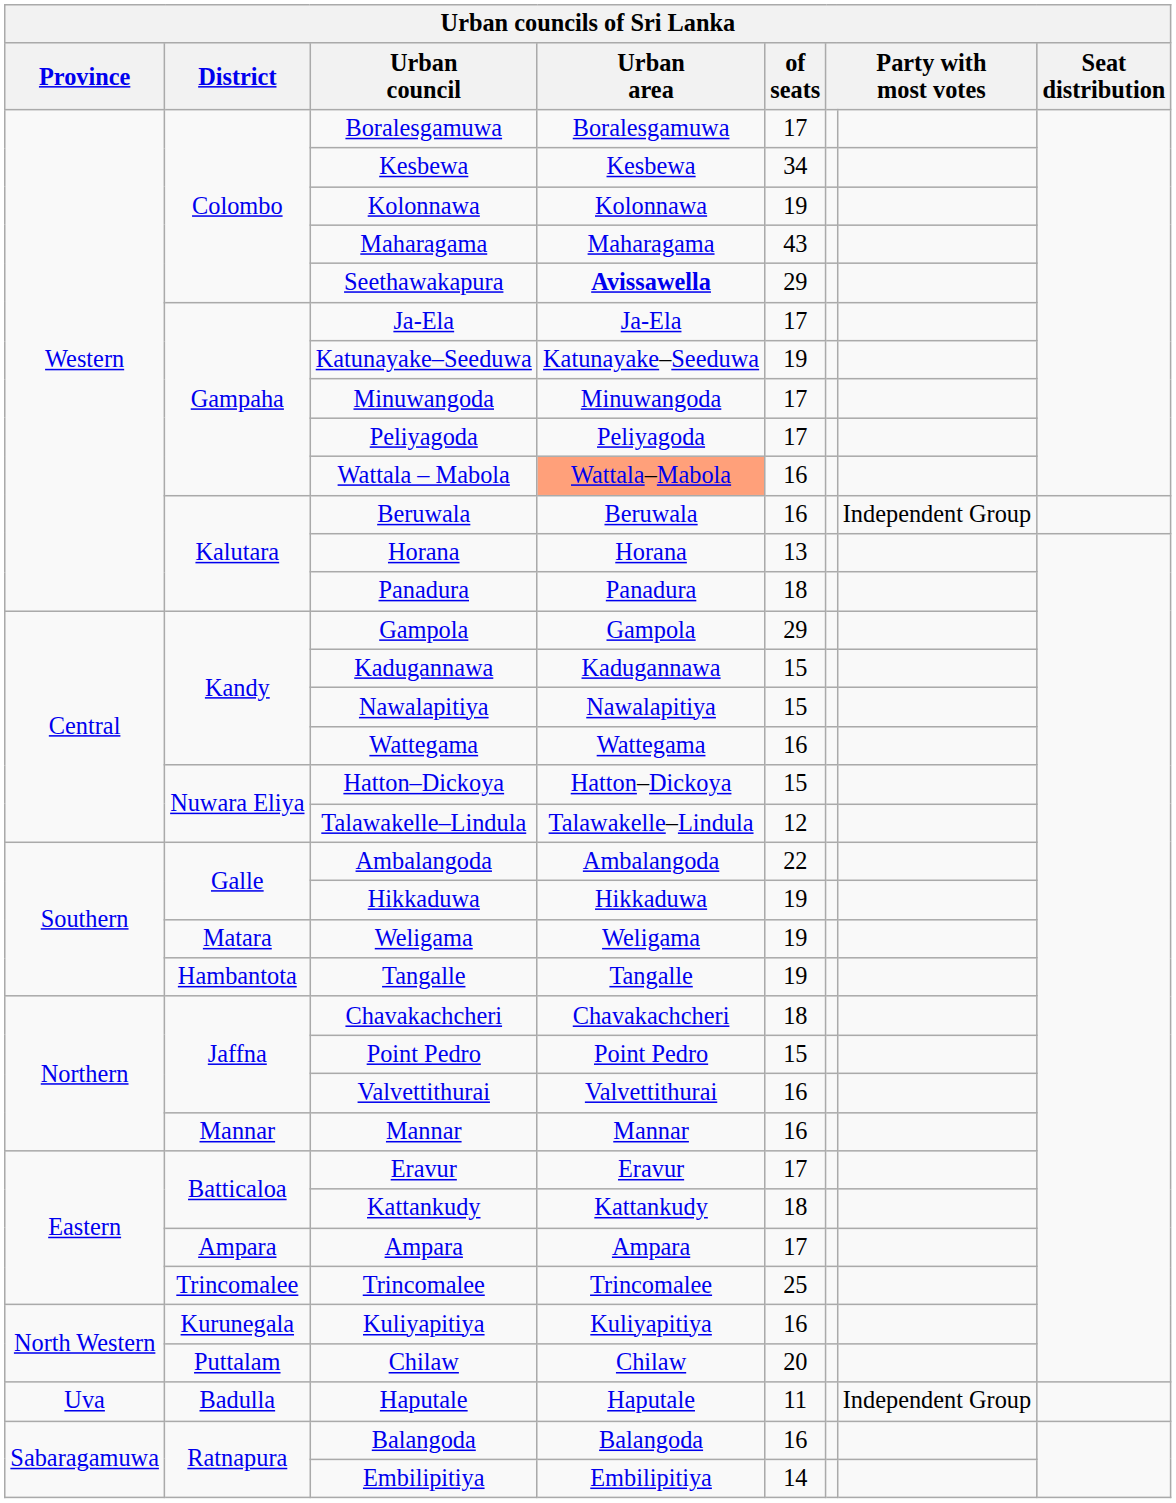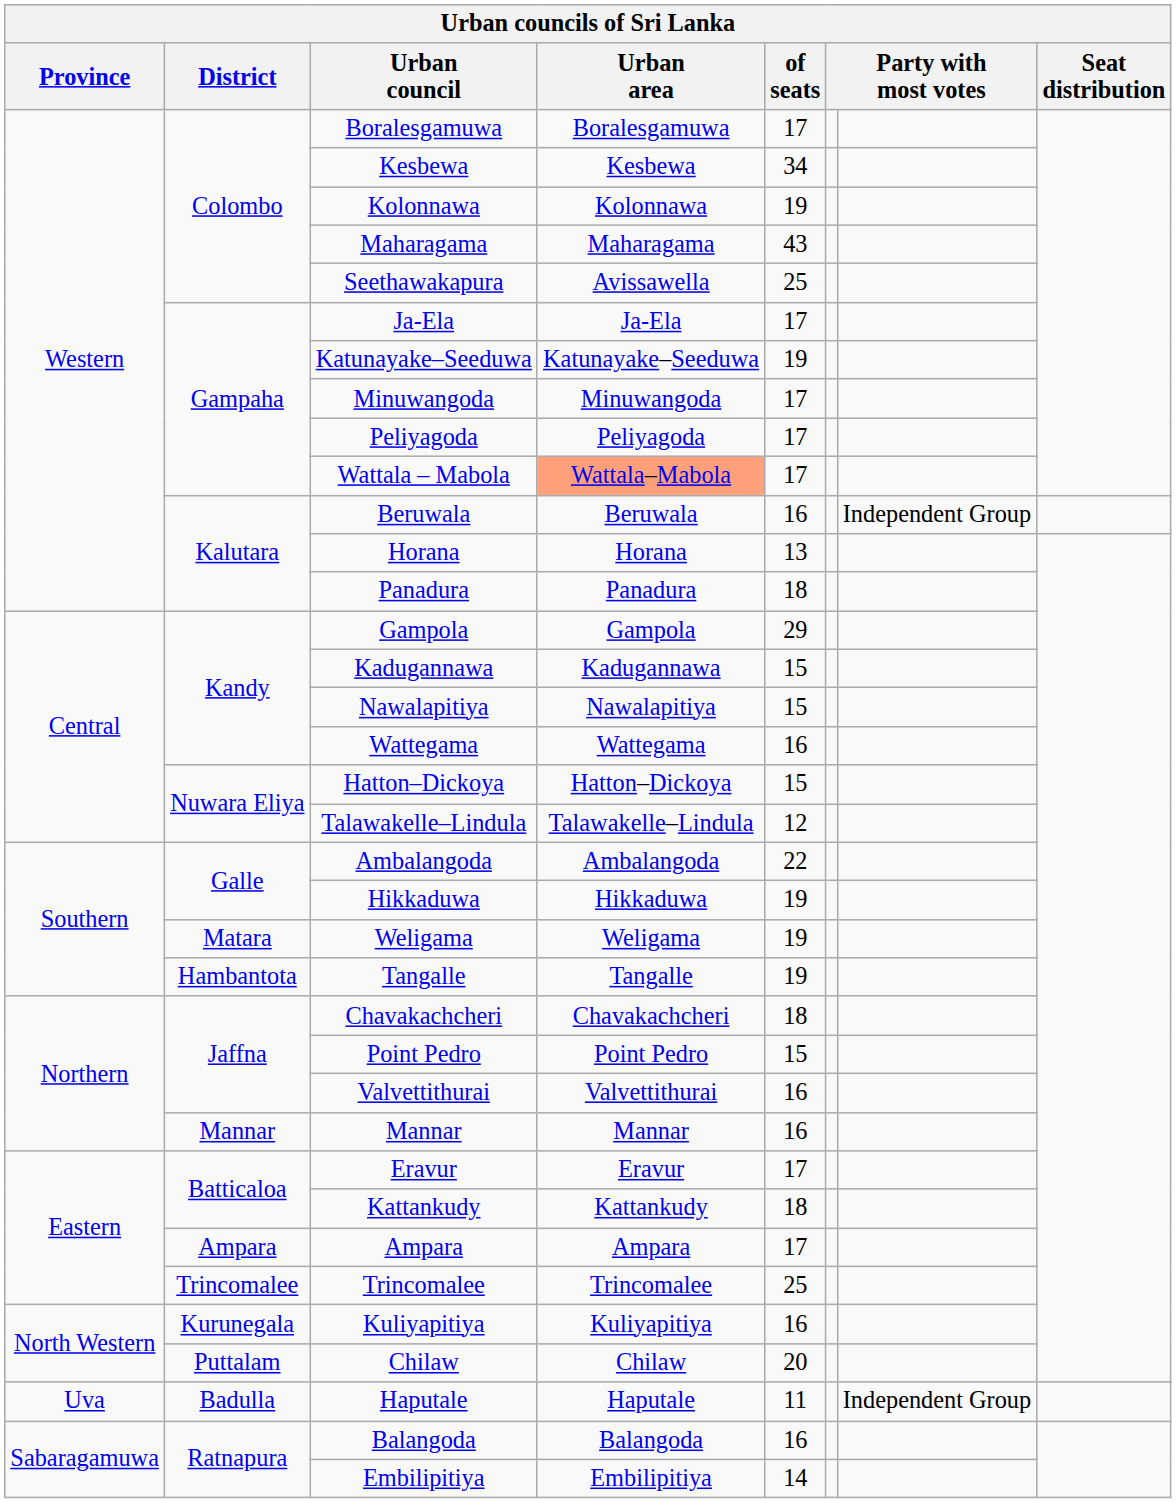 <table class="wikitable sortable sticky-header-multi mw-collapsible mw-collapsed" style="font-size:100%; text-align:center">
 <tr>
 <th colspan=8>Urban councils of Sri Lanka</th>
 </tr>
 <tr>
 <th><a href='#'>Province</a></th>
 <th><a href='#'>District</a></th>
 <th>Urban<br>council</th>
 <th>Urban<br>area</th>
 <th> of<br>seats</th>
 <th colspan=2>Party with<br>most votes</th>
 <th class="unsortable">Seat<br>distribution</th>
 </tr>
 <tr>
 <td rowspan=13><a href='#'>Western</a></td>
 <td rowspan=5><a href='#'>Colombo</a></td>
 <td><a href='#'>Boralesgamuwa</a></td>
 <td><a href='#'>Boralesgamuwa</a></td>
 <td>17</td>
 <td></td>
 <td></td>
 </tr>
 <tr>
 <td><a href='#'>Kesbewa</a></td>
 <td><a href='#'>Kesbewa</a></td>
 <td>34</td>
 <td></td>
 <td></td>
 </tr>
 <tr>
 <td><a href='#'>Kolonnawa</a></td>
 <td><a href='#'>Kolonnawa</a></td>
 <td>19</td>
 <td></td>
 <td></td>
 </tr>
 <tr>
 <td><a href='#'>Maharagama</a></td>
 <td><a href='#'>Maharagama</a></td>
 <td>43</td>
 <td></td>
 <td></td>
 </tr>
 <tr>
 <td><a href='#'>Seethawakapura</a></td>
-<td><strong><a href='#'>Avissawella</a></strong></td>
-<td>29</td>
+<td><a href='#'>Avissawella</a></td>
+<td>25</td>
 <td></td>
 <td></td>
 </tr>
 <tr>
 <td rowspan=5><a href='#'>Gampaha</a></td>
 <td><a href='#'>Ja-Ela</a></td>
 <td><a href='#'>Ja-Ela</a></td>
 <td>17</td>
 <td></td>
 <td></td>
 </tr>
 <tr>
 <td><a href='#'>Katunayake–Seeduwa</a></td>
 <td><a href='#'>Katunayake</a>–<a href='#'>Seeduwa</a></td>
 <td>19</td>
 <td></td>
 <td></td>
 </tr>
 <tr>
 <td><a href='#'>Minuwangoda</a></td>
 <td><a href='#'>Minuwangoda</a></td>
 <td>17</td>
 <td></td>
 <td></td>
 </tr>
 <tr>
 <td><a href='#'>Peliyagoda</a></td>
 <td><a href='#'>Peliyagoda</a></td>
 <td>17</td>
 <td></td>
 <td></td>
 </tr>
 <tr>
 <td><a href='#'>Wattala – Mabola</a></td>
 <td style="background: lightsalmon;"><a href='#'>Wattala</a>–<a href='#'>Mabola</a></td>
-<td>16</td>
+<td>17</td>
 <td></td>
 <td></td>
 </tr>
 <tr>
 <td rowspan=3><a href='#'>Kalutara</a></td>
 <td><a href='#'>Beruwala</a></td>
 <td><a href='#'>Beruwala</a></td>
 <td>16</td>
 <td style="background:"></td>
 <td align=left>Independent Group</td>
 <td></td>
 </tr>
 <tr>
 <td><a href='#'>Horana</a></td>
 <td><a href='#'>Horana</a></td>
 <td>13</td>
 <td></td>
 <td></td>
 </tr>
 <tr>
 <td><a href='#'>Panadura</a></td>
 <td><a href='#'>Panadura</a></td>
 <td>18</td>
 <td></td>
 <td></td>
 </tr>
 <tr>
 <td rowspan=6><a href='#'>Central</a></td>
 <td rowspan=4><a href='#'>Kandy</a></td>
 <td><a href='#'>Gampola</a></td>
 <td><a href='#'>Gampola</a></td>
 <td>29</td>
 <td></td>
 <td></td>
 </tr>
 <tr>
 <td><a href='#'>Kadugannawa</a></td>
 <td><a href='#'>Kadugannawa</a></td>
 <td>15</td>
 <td></td>
 <td></td>
 </tr>
 <tr>
 <td><a href='#'>Nawalapitiya</a></td>
 <td><a href='#'>Nawalapitiya</a></td>
 <td>15</td>
 <td></td>
 <td></td>
 </tr>
 <tr>
 <td><a href='#'>Wattegama</a></td>
 <td><a href='#'>Wattegama</a></td>
 <td>16</td>
 <td></td>
 <td></td>
 </tr>
 <tr>
 <td rowspan=2><a href='#'>Nuwara Eliya</a></td>
 <td><a href='#'>Hatton–Dickoya</a></td>
 <td><a href='#'>Hatton</a>–<a href='#'>Dickoya</a></td>
 <td>15</td>
 <td></td>
 <td></td>
 </tr>
 <tr>
 <td><a href='#'>Talawakelle–Lindula</a></td>
 <td><a href='#'>Talawakelle</a>–<a href='#'>Lindula</a></td>
 <td>12</td>
 <td></td>
 <td></td>
 </tr>
 <tr>
 <td rowspan=4><a href='#'>Southern</a></td>
 <td rowspan=2><a href='#'>Galle</a></td>
 <td><a href='#'>Ambalangoda</a></td>
 <td><a href='#'>Ambalangoda</a></td>
 <td>22</td>
 <td></td>
 <td></td>
 </tr>
 <tr>
 <td><a href='#'>Hikkaduwa</a></td>
 <td><a href='#'>Hikkaduwa</a></td>
 <td>19</td>
 <td></td>
 <td></td>
 </tr>
 <tr>
 <td><a href='#'>Matara</a></td>
 <td><a href='#'>Weligama</a></td>
 <td><a href='#'>Weligama</a></td>
 <td>19</td>
 <td></td>
 <td></td>
 </tr>
 <tr>
 <td><a href='#'>Hambantota</a></td>
 <td><a href='#'>Tangalle</a></td>
 <td><a href='#'>Tangalle</a></td>
 <td>19</td>
 <td></td>
 <td></td>
 </tr>
 <tr>
 <td rowspan=4><a href='#'>Northern</a></td>
 <td rowspan=3><a href='#'>Jaffna</a></td>
 <td><a href='#'>Chavakachcheri</a></td>
 <td><a href='#'>Chavakachcheri </a></td>
 <td>18</td>
 <td></td>
 <td></td>
 </tr>
 <tr>
 <td><a href='#'>Point Pedro</a></td>
 <td><a href='#'>Point Pedro</a></td>
 <td>15</td>
 <td></td>
 <td></td>
 </tr>
 <tr>
 <td><a href='#'>Valvettithurai</a></td>
 <td><a href='#'>Valvettithurai</a></td>
 <td>16</td>
 <td></td>
 <td></td>
 </tr>
 <tr>
 <td><a href='#'>Mannar</a></td>
 <td><a href='#'>Mannar</a></td>
 <td><a href='#'>Mannar</a></td>
 <td>16</td>
 <td></td>
 <td></td>
 </tr>
 <tr>
 <td rowspan=4><a href='#'>Eastern</a></td>
 <td rowspan=2><a href='#'>Batticaloa</a></td>
 <td><a href='#'>Eravur</a></td>
 <td><a href='#'>Eravur</a></td>
 <td>17</td>
 <td></td>
 <td></td>
 </tr>
 <tr>
 <td><a href='#'>Kattankudy</a></td>
 <td><a href='#'>Kattankudy</a></td>
 <td>18</td>
 <td></td>
 <td></td>
 </tr>
 <tr>
 <td><a href='#'>Ampara</a></td>
 <td><a href='#'>Ampara</a></td>
 <td><a href='#'>Ampara</a></td>
 <td>17</td>
 <td></td>
 <td></td>
 </tr>
 <tr>
 <td><a href='#'>Trincomalee</a></td>
 <td><a href='#'>Trincomalee</a></td>
 <td><a href='#'>Trincomalee</a></td>
 <td>25</td>
 <td></td>
 <td></td>
 </tr>
 <tr>
 <td rowspan=2><a href='#'>North Western</a></td>
 <td><a href='#'>Kurunegala</a></td>
 <td><a href='#'>Kuliyapitiya</a></td>
 <td><a href='#'>Kuliyapitiya</a></td>
 <td>16</td>
 <td></td>
 <td></td>
 </tr>
 <tr>
 <td><a href='#'>Puttalam</a></td>
 <td><a href='#'>Chilaw</a></td>
 <td><a href='#'>Chilaw</a></td>
 <td>20</td>
 <td></td>
 <td></td>
 </tr>
 <tr>
 <td><a href='#'>Uva</a></td>
 <td><a href='#'>Badulla</a></td>
 <td><a href='#'>Haputale</a></td>
 <td><a href='#'>Haputale</a></td>
 <td>11</td>
 <td style="background:"></td>
 <td align=left>Independent Group</td>
 <td></td>
 </tr>
 <tr>
 <td rowspan=2><a href='#'>Sabaragamuwa</a></td>
 <td rowspan=2><a href='#'>Ratnapura</a></td>
 <td><a href='#'>Balangoda</a></td>
 <td><a href='#'>Balangoda</a></td>
 <td>16</td>
 <td></td>
 <td></td>
 </tr>
 <tr>
 <td><a href='#'>Embilipitiya</a></td>
 <td><a href='#'>Embilipitiya</a></td>
 <td>14</td>
 <td></td>
 <td></td>
 </tr>
 </table>
